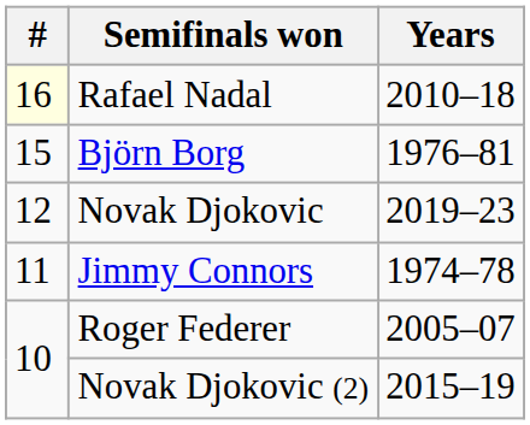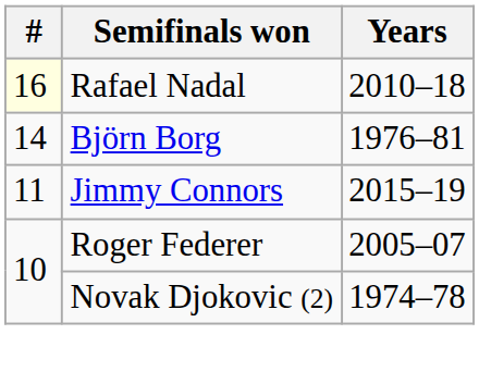 <table class="wikitable" style="display:inline-table">
 <tr>
 <th width=20>#</th>
 <th>Semifinals won</th>
 <th>Years</th>
 </tr>
 <tr>
 <td style="background: lightyellow;">16</td>
 <td> Rafael Nadal</td>
 <td>2010–18</td>
 </tr>
 <tr>
-<td>15</td>
+<td>14</td>
 <td> <a href='#'>Björn Borg</a></td>
 <td>1976–81</td>
 </tr>
 <tr>
-<td>12</td>
-<td> Novak Djokovic</td>
-<td>2019–23</td>
-</tr>
-<tr>
 <td>11</td>
 <td> <a href='#'>Jimmy Connors</a></td>
-<td>1974–78</td>
+<td>2015–19</td>
 </tr>
 <tr>
 <td rowspan="2">10</td>
 <td> Roger Federer</td>
 <td>2005–07</td>
 </tr>
 <tr>
 <td> Novak Djokovic <small>(2)</small></td>
-<td>2015–19</td>
+<td>1974–78</td>
 </tr>
 </table>
